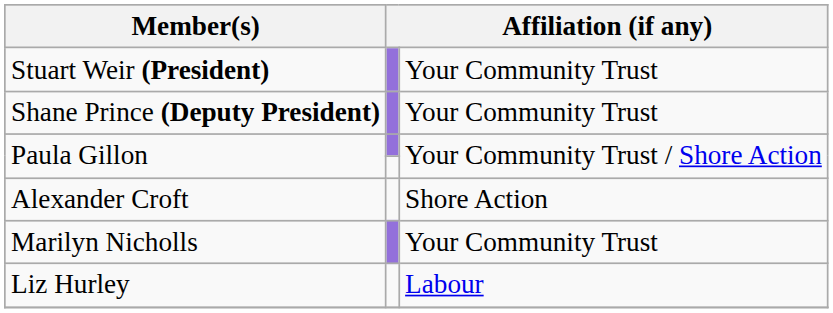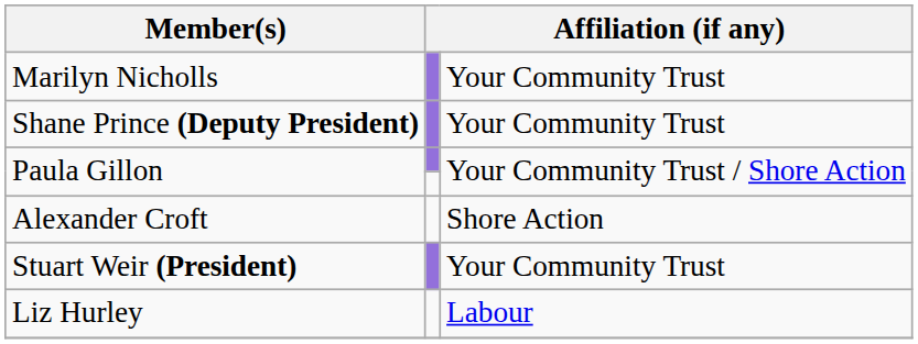 <table class="wikitable">
 <tr>
 <th>Member(s)</th>
 <th colspan="2">Affiliation (if any)</th>
 </tr>
 <tr>
-<td>Stuart Weir <strong>(President)</strong></td>
+<td>Marilyn Nicholls</td>
 <td bgcolor="mediumpurple"></td>
 <td>Your Community Trust</td>
 </tr>
 <tr>
 <td>Shane Prince <strong>(Deputy President)</strong></td>
 <td bgcolor="mediumpurple"></td>
 <td>Your Community Trust</td>
 </tr>
 <tr>
 <td rowspan=2>Paula Gillon</td>
 <td bgcolor="mediumpurple"></td>
 <td rowspan=2>Your Community Trust / <a href='#'>Shore Action</a></td>
 </tr>
 <tr>
 <td></td>
 </tr>
 <tr>
 <td>Alexander Croft</td>
 <td></td>
 <td>Shore Action</td>
 </tr>
 <tr>
-<td>Marilyn Nicholls</td>
+<td>Stuart Weir <strong>(President)</strong></td>
 <td bgcolor="mediumpurple"></td>
 <td>Your Community Trust</td>
 </tr>
 <tr>
 <td>Liz Hurley</td>
 <td></td>
 <td><a href='#'>Labour</a></td>
 </tr>
 <tr>
 </tr>
 </table>
